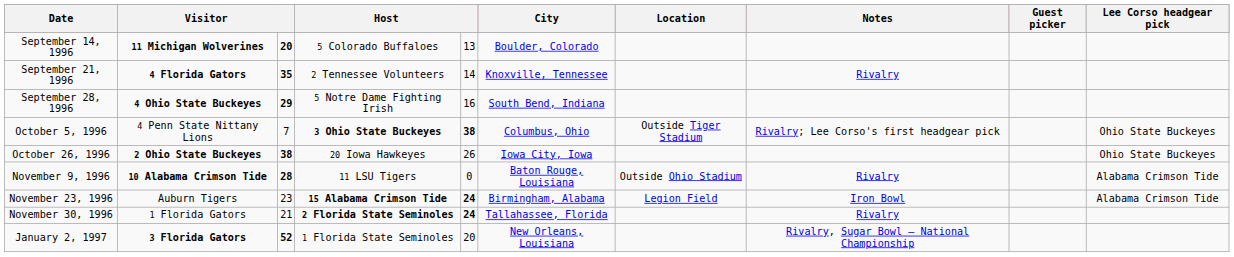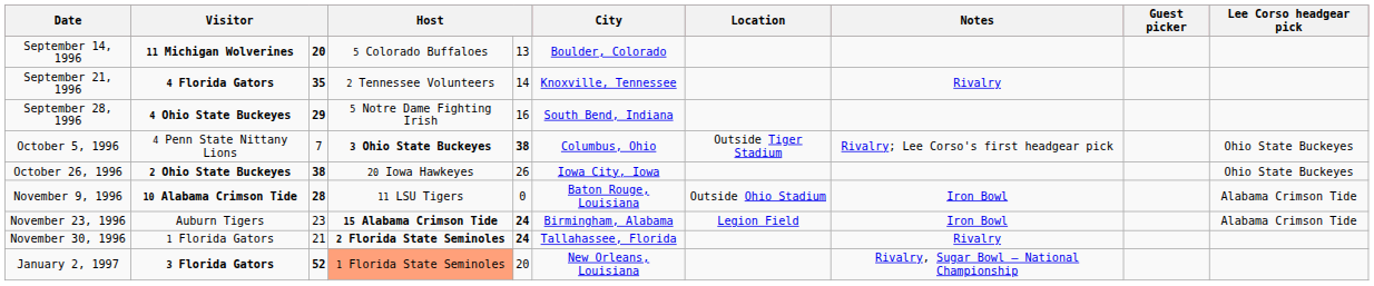 <table class="wikitable" style="text-align:center">
 <tr style="background:#A32638;"|>
 <th>Date</th>
 <th colspan=2>Visitor</th>
 <th colspan=2>Host</th>
 <th>City</th>
 <th>Location</th>
 <th>Notes</th>
 <th>Guest picker</th>
 <th>Lee Corso headgear pick</th>
 </tr>
 <tr>
 <td>September 14, 1996</td>
 <td><strong><small>11</small> Michigan Wolverines</strong></td>
 <td><strong>20</strong></td>
 <td><small>5</small> Colorado Buffaloes</td>
 <td>13</td>
 <td><a href='#'>Boulder, Colorado</a></td>
 <td></td>
 <td></td>
 <td></td>
 <td></td>
 </tr>
 <tr>
 <td>September 21, 1996</td>
 <td><strong><small>4</small> Florida Gators</strong></td>
 <td><strong>35</strong></td>
 <td><small>2</small> Tennessee Volunteers</td>
 <td>14</td>
 <td><a href='#'>Knoxville, Tennessee</a></td>
 <td></td>
 <td><a href='#'>Rivalry</a></td>
 <td></td>
 <td></td>
 </tr>
 <tr>
 <td>September 28, 1996</td>
 <td><strong><small>4</small> Ohio State Buckeyes</strong></td>
 <td><strong>29</strong></td>
 <td><small>5</small> Notre Dame Fighting Irish</td>
 <td>16</td>
 <td><a href='#'>South Bend, Indiana</a></td>
 <td></td>
 <td></td>
 <td></td>
 <td></td>
 </tr>
 <tr>
 <td>October 5, 1996</td>
 <td><small>4</small> Penn State Nittany Lions</td>
 <td>7</td>
 <td><strong><small>3</small> Ohio State Buckeyes</strong></td>
 <td><strong>38</strong></td>
 <td><a href='#'>Columbus, Ohio</a></td>
 <td>Outside <a href='#'>Tiger Stadium</a></td>
 <td><a href='#'>Rivalry</a>; Lee Corso's first headgear pick</td>
 <td></td>
 <td>Ohio State Buckeyes</td>
 </tr>
 <tr>
 <td>October 26, 1996</td>
 <td><strong><small>2</small> Ohio State Buckeyes</strong></td>
 <td><strong>38</strong></td>
 <td><small>20</small> Iowa Hawkeyes</td>
 <td>26</td>
 <td><a href='#'>Iowa City, Iowa</a></td>
 <td></td>
 <td></td>
 <td></td>
 <td>Ohio State Buckeyes</td>
 </tr>
 <tr>
 <td>November 9, 1996</td>
 <td><strong><small>10</small> Alabama Crimson Tide</strong></td>
 <td><strong>28</strong></td>
 <td><small>11</small> LSU Tigers</td>
 <td>0</td>
 <td><a href='#'>Baton Rouge, Louisiana</a></td>
 <td>Outside <a href='#'>Ohio Stadium</a></td>
-<td><a href='#'>Rivalry</a></td>
+<td><a href='#'>Iron Bowl</a></td>
 <td></td>
 <td>Alabama Crimson Tide</td>
 </tr>
 <tr>
 <td>November 23, 1996</td>
 <td>Auburn Tigers</td>
 <td>23</td>
 <td><strong><small>15</small> Alabama Crimson Tide</strong></td>
 <td><strong>24</strong></td>
 <td><a href='#'>Birmingham, Alabama</a></td>
 <td><a href='#'>Legion Field</a></td>
 <td><a href='#'>Iron Bowl</a></td>
 <td></td>
 <td>Alabama Crimson Tide</td>
 </tr>
 <tr>
 <td>November 30, 1996</td>
 <td><small>1</small> Florida Gators</td>
 <td>21</td>
 <td><strong><small>2</small> Florida State Seminoles</strong></td>
 <td><strong>24</strong></td>
 <td><a href='#'>Tallahassee, Florida</a></td>
 <td></td>
 <td><a href='#'>Rivalry</a></td>
 <td></td>
 <td></td>
 </tr>
 <tr>
 <td>January 2, 1997</td>
 <td><strong><small>3</small> Florida Gators</strong></td>
 <td><strong>52</strong></td>
-<td><small>1</small> Florida State Seminoles</td>
+<td style="background: lightsalmon;"><small>1</small> Florida State Seminoles</td>
 <td>20</td>
 <td><a href='#'>New Orleans, Louisiana</a></td>
 <td></td>
 <td><a href='#'>Rivalry</a>, <a href='#'>Sugar Bowl – National Championship</a></td>
 <td></td>
 <td></td>
 </tr>
 </table>
